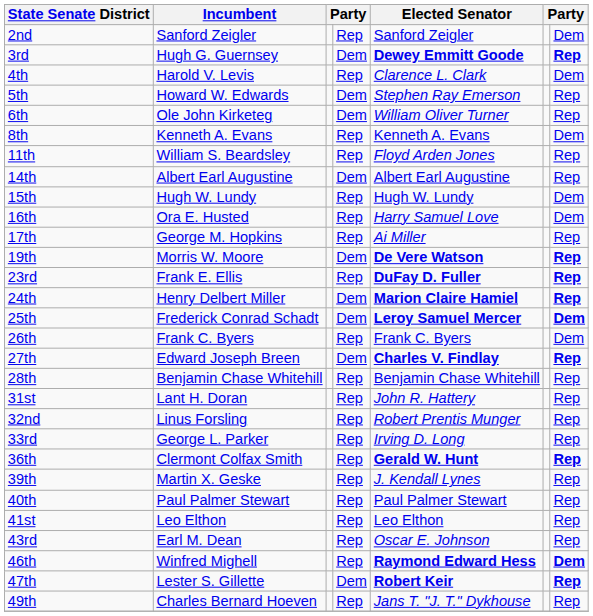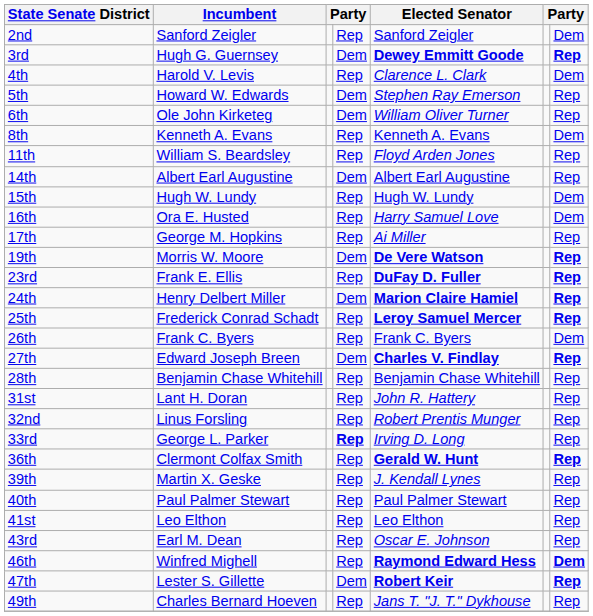 <table class="sortable wikitable" style="font-size:95%;line-height:14px;">
 <tr>
 <th class="unsortable"><a href='#'>State Senate</a> District</th>
 <th class="unsortable"><a href='#'>Incumbent</a></th>
 <th colspan="2">Party</th>
 <th class="unsortable">Elected Senator</th>
 <th colspan="2">Party</th>
 </tr>
 <tr>
 <td><a href='#'>2nd</a></td>
 <td><a href='#'>Sanford Zeigler</a></td>
 <td style="background:"></td>
 <td><a href='#'>Rep</a></td>
 <td><a href='#'>Sanford Zeigler</a></td>
 <td style="background:"></td>
 <td><a href='#'>Dem</a></td>
 </tr>
 <tr>
 <td><a href='#'>3rd</a></td>
 <td><a href='#'>Hugh G. Guernsey</a></td>
 <td style="background:"></td>
 <td><a href='#'>Dem</a></td>
 <td><strong><a href='#'>Dewey Emmitt Goode</a></strong></td>
 <td style="background:"></td>
 <td><strong><a href='#'>Rep</a></strong></td>
 </tr>
 <tr>
 <td><a href='#'>4th</a></td>
 <td><a href='#'>Harold V. Levis</a></td>
 <td style="background:"></td>
 <td><a href='#'>Rep</a></td>
 <td><em><a href='#'>Clarence L. Clark</a></em></td>
 <td style="background:"></td>
 <td><a href='#'>Dem</a></td>
 </tr>
 <tr>
 <td><a href='#'>5th</a></td>
 <td><a href='#'>Howard W. Edwards</a></td>
 <td style="background:"></td>
 <td><a href='#'>Dem</a></td>
 <td><em><a href='#'>Stephen Ray Emerson</a></em></td>
 <td style="background:"></td>
 <td><a href='#'>Rep</a></td>
 </tr>
 <tr>
 <td><a href='#'>6th</a></td>
 <td><a href='#'>Ole John Kirketeg</a></td>
 <td style="background:"></td>
 <td><a href='#'>Dem</a></td>
 <td><em><a href='#'>William Oliver Turner</a></em></td>
 <td style="background:"></td>
 <td><a href='#'>Rep</a></td>
 </tr>
 <tr>
 <td><a href='#'>8th</a></td>
 <td><a href='#'>Kenneth A. Evans</a></td>
 <td style="background:"></td>
 <td><a href='#'>Rep</a></td>
 <td><a href='#'>Kenneth A. Evans</a></td>
 <td style="background:"></td>
 <td><a href='#'>Dem</a></td>
 </tr>
 <tr>
 <td><a href='#'>11th</a></td>
 <td><a href='#'>William S. Beardsley</a></td>
 <td style="background:"></td>
 <td><a href='#'>Rep</a></td>
 <td><em><a href='#'>Floyd Arden Jones</a></em></td>
 <td style="background:"></td>
 <td><a href='#'>Rep</a></td>
 </tr>
 <tr>
 <td><a href='#'>14th</a></td>
 <td><a href='#'>Albert Earl Augustine</a></td>
 <td style="background:"></td>
 <td><a href='#'>Dem</a></td>
 <td><a href='#'>Albert Earl Augustine</a></td>
 <td style="background:"></td>
 <td><a href='#'>Rep</a></td>
 </tr>
 <tr>
 <td><a href='#'>15th</a></td>
 <td><a href='#'>Hugh W. Lundy</a></td>
 <td style="background:"></td>
 <td><a href='#'>Rep</a></td>
 <td><a href='#'>Hugh W. Lundy</a></td>
 <td style="background:"></td>
 <td><a href='#'>Dem</a></td>
 </tr>
 <tr>
 <td><a href='#'>16th</a></td>
 <td><a href='#'>Ora E. Husted</a></td>
 <td style="background:"></td>
 <td><a href='#'>Rep</a></td>
 <td><em><a href='#'>Harry Samuel Love</a></em></td>
 <td style="background:"></td>
 <td><a href='#'>Dem</a></td>
 </tr>
 <tr>
 <td><a href='#'>17th</a></td>
 <td><a href='#'>George M. Hopkins</a></td>
 <td style="background:"></td>
 <td><a href='#'>Rep</a></td>
 <td><em><a href='#'>Ai Miller</a></em></td>
 <td style="background:"></td>
 <td><a href='#'>Rep</a></td>
 </tr>
 <tr>
 <td><a href='#'>19th</a></td>
 <td><a href='#'>Morris W. Moore</a></td>
 <td style="background:"></td>
 <td><a href='#'>Dem</a></td>
 <td><strong><a href='#'>De Vere Watson</a></strong></td>
 <td style="background:"></td>
 <td><strong><a href='#'>Rep</a></strong></td>
 </tr>
 <tr>
 <td><a href='#'>23rd</a></td>
 <td><a href='#'>Frank E. Ellis</a></td>
 <td style="background:"></td>
 <td><a href='#'>Rep</a></td>
 <td><strong><a href='#'>DuFay D. Fuller</a></strong></td>
 <td style="background:"></td>
 <td><strong><a href='#'>Rep</a></strong></td>
 </tr>
 <tr>
 <td><a href='#'>24th</a></td>
 <td><a href='#'>Henry Delbert Miller</a></td>
 <td style="background:"></td>
 <td><a href='#'>Dem</a></td>
 <td><strong><a href='#'>Marion Claire Hamiel</a></strong></td>
 <td style="background:"></td>
 <td><strong><a href='#'>Rep</a></strong></td>
 </tr>
 <tr>
 <td><a href='#'>25th</a></td>
 <td><a href='#'>Frederick Conrad Schadt</a></td>
 <td style="background:"></td>
-<td><a href='#'>Dem</a></td>
+<td><a href='#'>Rep</a></td>
 <td><strong><a href='#'>Leroy Samuel Mercer</a></strong></td>
 <td style="background:"></td>
-<td><strong><a href='#'>Dem</a></strong></td>
+<td><strong><a href='#'>Rep</a></strong></td>
 </tr>
 <tr>
 <td><a href='#'>26th</a></td>
 <td><a href='#'>Frank C. Byers</a></td>
 <td style="background:"></td>
 <td><a href='#'>Rep</a></td>
 <td><a href='#'>Frank C. Byers</a></td>
 <td style="background:"></td>
 <td><a href='#'>Dem</a></td>
 </tr>
 <tr>
 <td><a href='#'>27th</a></td>
 <td><a href='#'>Edward Joseph Breen</a></td>
 <td style="background:"></td>
 <td><a href='#'>Dem</a></td>
 <td><strong><a href='#'>Charles V. Findlay</a></strong></td>
 <td style="background:"></td>
 <td><strong><a href='#'>Rep</a></strong></td>
 </tr>
 <tr>
 <td><a href='#'>28th</a></td>
 <td><a href='#'>Benjamin Chase Whitehill</a></td>
 <td style="background:"></td>
 <td><a href='#'>Rep</a></td>
 <td><a href='#'>Benjamin Chase Whitehill</a></td>
 <td style="background:"></td>
 <td><a href='#'>Rep</a></td>
 </tr>
 <tr>
 <td><a href='#'>31st</a></td>
 <td><a href='#'>Lant H. Doran</a></td>
 <td style="background:"></td>
 <td><a href='#'>Rep</a></td>
 <td><em><a href='#'>John R. Hattery</a></em></td>
 <td style="background:"></td>
 <td><a href='#'>Rep</a></td>
 </tr>
 <tr>
 <td><a href='#'>32nd</a></td>
 <td><a href='#'>Linus Forsling</a></td>
 <td style="background:"></td>
 <td><a href='#'>Rep</a></td>
 <td><em><a href='#'>Robert Prentis Munger</a></em></td>
 <td style="background:"></td>
 <td><a href='#'>Rep</a></td>
 </tr>
 <tr>
 <td><a href='#'>33rd</a></td>
 <td><a href='#'>George L. Parker</a></td>
 <td style="background:"></td>
-<td><a href='#'>Rep</a></td>
+<td><strong><a href='#'>Rep</a></strong></td>
 <td><em><a href='#'>Irving D. Long</a></em></td>
 <td style="background:"></td>
 <td><a href='#'>Rep</a></td>
 </tr>
 <tr>
 <td><a href='#'>36th</a></td>
 <td><a href='#'>Clermont Colfax Smith</a></td>
 <td style="background:"></td>
 <td><a href='#'>Rep</a></td>
 <td><strong><a href='#'>Gerald W. Hunt</a></strong></td>
 <td style="background:"></td>
 <td><strong><a href='#'>Rep</a></strong></td>
 </tr>
 <tr>
 <td><a href='#'>39th</a></td>
 <td><a href='#'>Martin X. Geske</a></td>
 <td style="background:"></td>
 <td><a href='#'>Rep</a></td>
 <td><em><a href='#'>J. Kendall Lynes</a></em></td>
 <td style="background:"></td>
 <td><a href='#'>Rep</a></td>
 </tr>
 <tr>
 <td><a href='#'>40th</a></td>
 <td><a href='#'>Paul Palmer Stewart</a></td>
 <td style="background:"></td>
 <td><a href='#'>Rep</a></td>
 <td><a href='#'>Paul Palmer Stewart</a></td>
 <td style="background:"></td>
 <td><a href='#'>Rep</a></td>
 </tr>
 <tr>
 <td><a href='#'>41st</a></td>
 <td><a href='#'>Leo Elthon</a></td>
 <td style="background:"></td>
 <td><a href='#'>Rep</a></td>
 <td><a href='#'>Leo Elthon</a></td>
 <td style="background:"></td>
 <td><a href='#'>Rep</a></td>
 </tr>
 <tr>
 <td><a href='#'>43rd</a></td>
 <td><a href='#'>Earl M. Dean</a></td>
 <td style="background:"></td>
 <td><a href='#'>Rep</a></td>
 <td><em><a href='#'>Oscar E. Johnson</a></em></td>
 <td style="background:"></td>
 <td><a href='#'>Rep</a></td>
 </tr>
 <tr>
 <td><a href='#'>46th</a></td>
 <td><a href='#'>Winfred Mighell</a></td>
 <td style="background:"></td>
 <td><a href='#'>Rep</a></td>
 <td><strong><a href='#'>Raymond Edward Hess</a></strong></td>
 <td style="background:"></td>
 <td><strong><a href='#'>Dem</a></strong></td>
 </tr>
 <tr>
 <td><a href='#'>47th</a></td>
 <td><a href='#'>Lester S. Gillette</a></td>
 <td style="background:"></td>
 <td><a href='#'>Dem</a></td>
 <td><strong><a href='#'>Robert Keir</a></strong></td>
 <td style="background:"></td>
 <td><strong><a href='#'>Rep</a></strong></td>
 </tr>
 <tr>
 <td><a href='#'>49th</a></td>
 <td><a href='#'>Charles Bernard Hoeven</a></td>
 <td style="background:"></td>
 <td><a href='#'>Rep</a></td>
 <td><em><a href='#'>Jans T. "J. T." Dykhouse</a></em></td>
 <td style="background:"></td>
 <td><a href='#'>Rep</a></td>
 </tr>
 <tr>
 </tr>
 </table>
